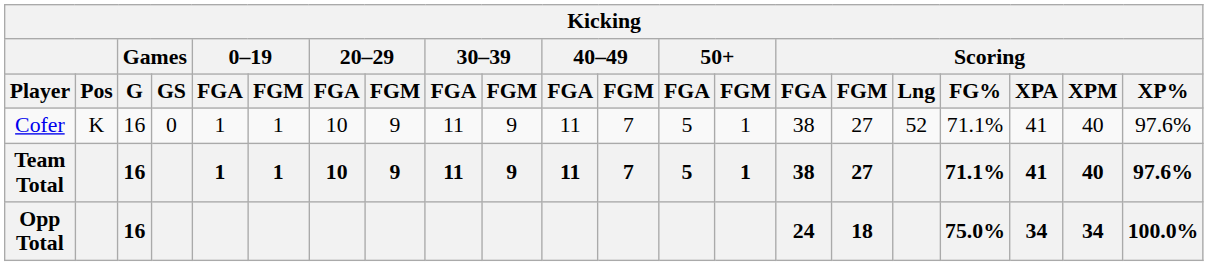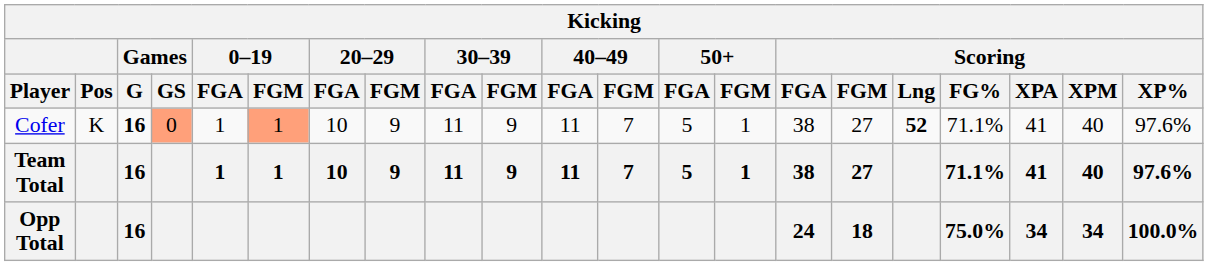 <table class="wikitable" style="text-align:center">
 <tr>
 <th colspan="21">Kicking</th>
 </tr>
 <tr>
 <th colspan="2"></th>
 <th colspan="2">Games</th>
 <th colspan="2">0–19</th>
 <th colspan="2">20–29</th>
 <th colspan="2">30–39</th>
 <th colspan="2">40–49</th>
 <th colspan="2">50+</th>
 <th colspan="7">Scoring</th>
 </tr>
 <tr>
 <th>Player</th>
 <th>Pos</th>
 <th>G</th>
 <th>GS</th>
 <th>FGA</th>
 <th>FGM</th>
 <th>FGA</th>
 <th>FGM</th>
 <th>FGA</th>
 <th>FGM</th>
 <th>FGA</th>
 <th>FGM</th>
 <th>FGA</th>
 <th>FGM</th>
 <th>FGA</th>
 <th>FGM</th>
 <th>Lng</th>
 <th>FG%</th>
 <th>XPA</th>
 <th>XPM</th>
 <th>XP%</th>
 </tr>
 <tr>
 <td><a href='#'>Cofer</a></td>
 <td>K</td>
-<td>16</td>
-<td>0</td>
+<td><strong>16</strong></td>
+<td style="background: lightsalmon;">0</td>
 <td>1</td>
-<td>1</td>
+<td style="background: lightsalmon;">1</td>
 <td>10</td>
 <td>9</td>
 <td>11</td>
 <td>9</td>
 <td>11</td>
 <td>7</td>
 <td>5</td>
 <td>1</td>
 <td>38</td>
 <td>27</td>
-<td>52</td>
+<td><strong>52</strong></td>
 <td>71.1%</td>
 <td>41</td>
 <td>40</td>
 <td>97.6%</td>
 </tr>
 <tr>
 <th>Team Total</th>
 <th></th>
 <th>16</th>
 <th></th>
 <th>1</th>
 <th>1</th>
 <th>10</th>
 <th>9</th>
 <th>11</th>
 <th>9</th>
 <th>11</th>
 <th>7</th>
 <th>5</th>
 <th>1</th>
 <th>38</th>
 <th>27</th>
 <th></th>
 <th>71.1%</th>
 <th>41</th>
 <th>40</th>
 <th>97.6%</th>
 </tr>
 <tr>
 <th>Opp Total</th>
 <th></th>
 <th>16</th>
 <th></th>
 <th></th>
 <th></th>
 <th></th>
 <th></th>
 <th></th>
 <th></th>
 <th></th>
 <th></th>
 <th></th>
 <th></th>
 <th>24</th>
 <th>18</th>
 <th></th>
 <th>75.0%</th>
 <th>34</th>
 <th>34</th>
 <th>100.0%</th>
 </tr>
 </table>
